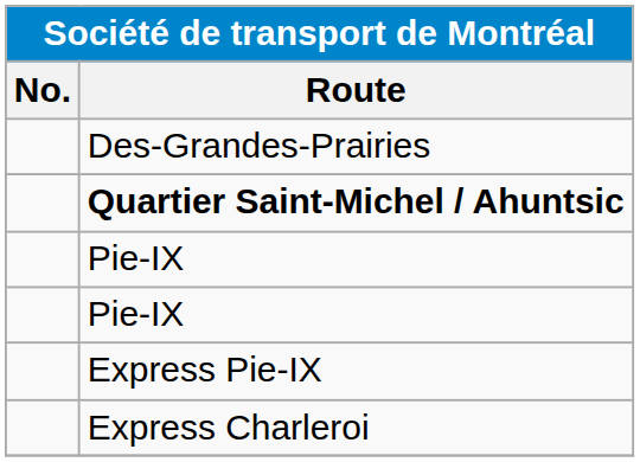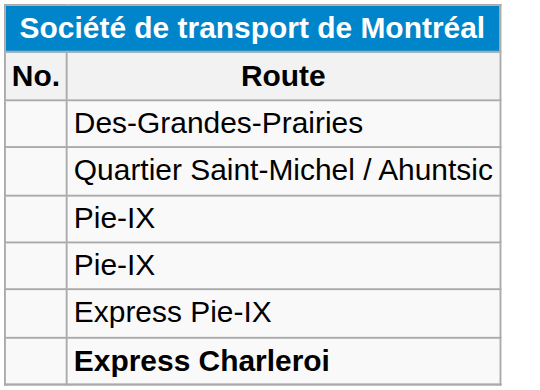 <table align=center class="wikitable">
 <tr>
 <th style="background: #0085CA; font-size:100%; color:#FFFFFF;"colspan="4">Société de transport de Montréal</th>
 </tr>
 <tr>
 <th>No.</th>
 <th>Route</th>
 </tr>
 <tr>
 <td></td>
 <td>Des-Grandes-Prairies</td>
 </tr>
 <tr>
 <td></td>
-<td><strong>Quartier Saint-Michel / Ahuntsic</strong></td>
+<td>Quartier Saint-Michel / Ahuntsic</td>
 </tr>
 <tr>
 <td></td>
 <td>Pie-IX</td>
 </tr>
 <tr>
 <td {{Avoid wrap> </td>
 <td>Pie-IX</td>
 </tr>
 <tr>
 <td {{Avoid wrap> </td>
 <td>Express Pie-IX</td>
 </tr>
 <tr>
 <td></td>
-<td>Express Charleroi</td>
+<td><strong>Express Charleroi</strong></td>
 </tr>
 <tr>
 </tr>
 </table>
